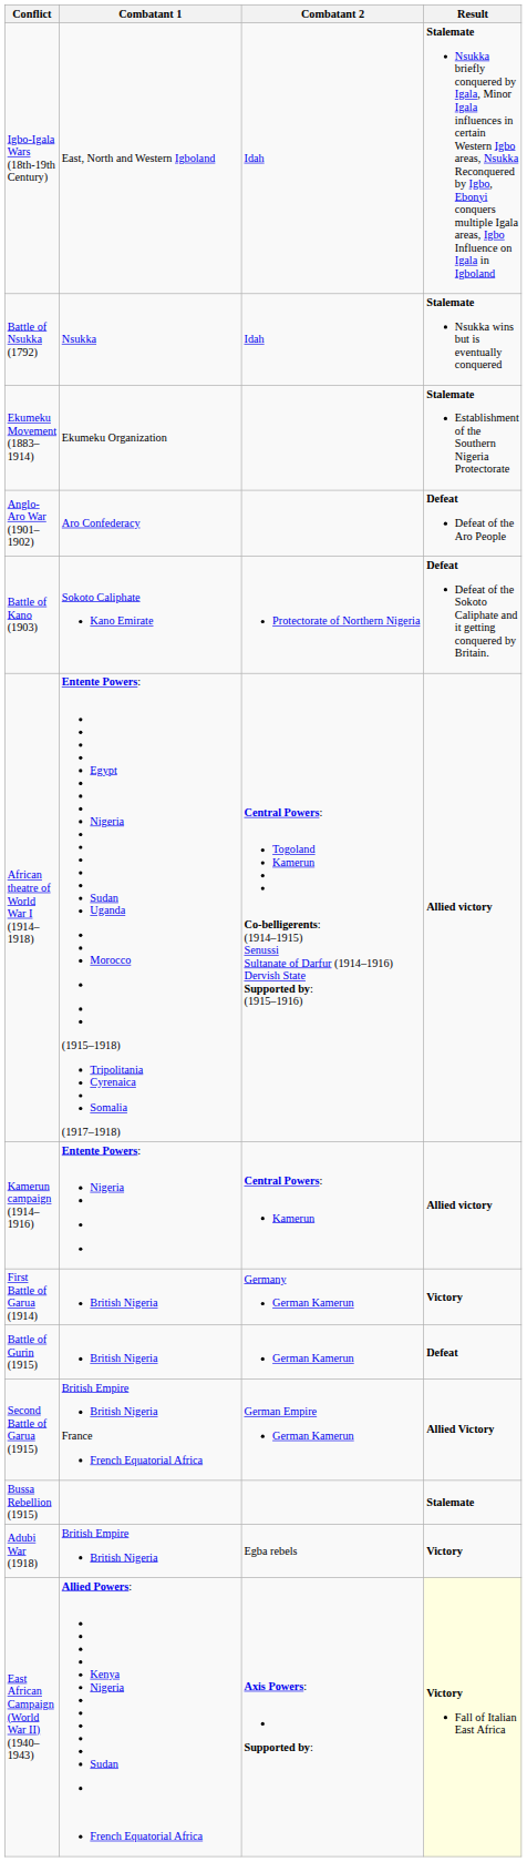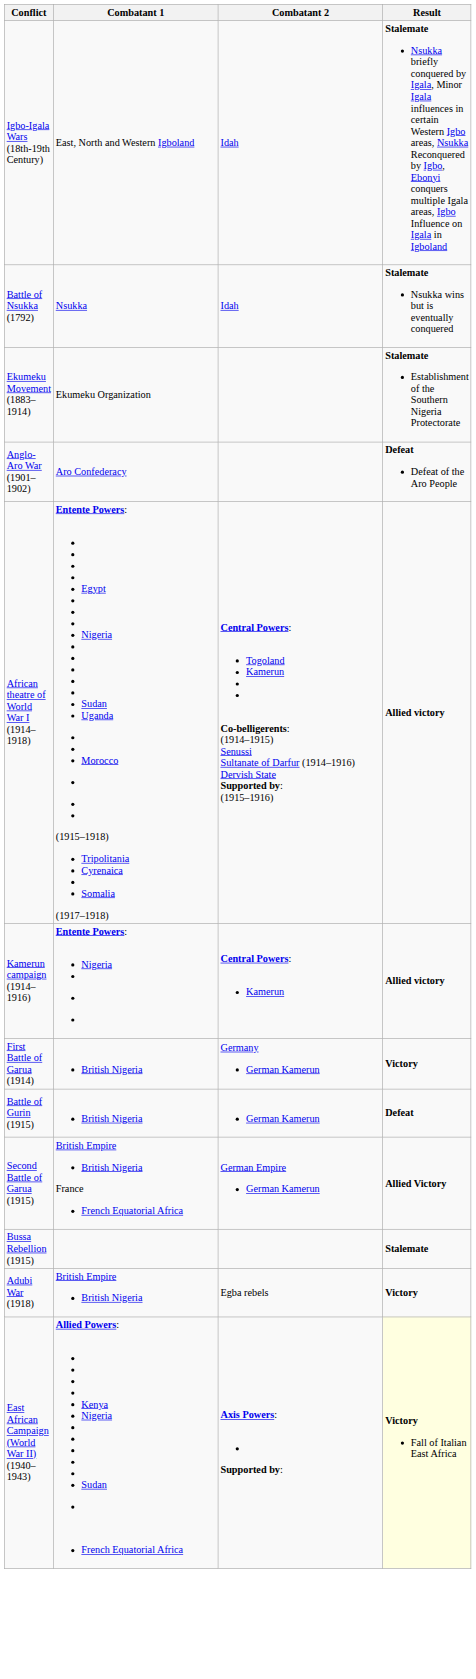 <table class="wikitable sortable" style="text-align:left">
 <tr>
 <th width="50px"><strong>Conflict</strong></th>
 <th width="250px"><strong>Combatant 1</strong></th>
 <th width="250px"><strong>Combatant 2</strong></th>
 <th width="75px"><strong>Result</strong></th>
 </tr>
 <tr>
 <td><a href='#'>Igbo-Igala Wars</a><br>(18th-19th Century)</td>
 <td>East, North and Western <a href='#'>Igboland</a></td>
 <td><a href='#'>Idah</a></td>
 <td><strong>Stalemate</strong><br><ul><li><a href='#'>Nsukka</a> briefly conquered by <a href='#'>Igala</a>, Minor <a href='#'>Igala</a> influences in certain Western <a href='#'>Igbo</a> areas, <a href='#'>Nsukka</a> Reconquered by <a href='#'>Igbo</a>, <a href='#'>Ebonyi</a> conquers multiple Igala areas, <a href='#'>Igbo</a> Influence on <a href='#'>Igala</a> in <a href='#'>Igboland</a></li></ul></td>
 </tr>
 <tr>
 <td><a href='#'>Battle of Nsukka</a><br>(1792)</td>
 <td><a href='#'>Nsukka</a></td>
 <td><a href='#'>Idah</a></td>
 <td><strong>Stalemate</strong><br><ul><li>Nsukka wins but is eventually conquered</li></ul></td>
 </tr>
 <tr>
 <td><a href='#'>Ekumeku Movement</a><br>(1883–1914)</td>
 <td>Ekumeku Organization</td>
 <td></td>
 <td><strong>Stalemate</strong><br><ul><li>Establishment of the Southern Nigeria Protectorate</li></ul></td>
 </tr>
 <tr>
 <td><a href='#'>Anglo-Aro War</a><br>(1901–1902)</td>
 <td> <a href='#'>Aro Confederacy</a></td>
 <td></td>
 <td><strong>Defeat</strong><br><ul><li>Defeat of the Aro People</li></ul></td>
-</tr>
-<tr>
-<td><a href='#'>Battle of Kano</a><br>(1903)</td>
-<td> <a href='#'>Sokoto Caliphate</a><br><ul><li> <a href='#'>Kano Emirate</a></li></ul></td>
-<td><br><ul><li> <a href='#'>Protectorate of Northern Nigeria</a></li></ul></td>
-<td><strong>Defeat</strong><br><ul><li>Defeat of the Sokoto Caliphate and it getting conquered by Britain.</li></ul></td>
 </tr>
 <tr>
 <td><a href='#'>African theatre of World War I</a><br>(1914–1918)</td>
 <td><strong><a href='#'>Entente Powers</a></strong>:<br><br><ul><li></li><li></li><li></li><li></li><li> <a href='#'>Egypt</a></li><li></li><li></li><li></li><li> <a href='#'>Nigeria</a></li><li></li><li></li><li></li><li></li><li></li><li> <a href='#'>Sudan</a></li><li> <a href='#'>Uganda</a></li></ul><ul><li></li><li></li><li> <a href='#'>Morocco</a></li></ul><ul><li></li></ul><ul><li></li><li></li></ul> (1915–1918)<ul><li> <a href='#'>Tripolitania</a></li><li> <a href='#'>Cyrenaica</a></li><li></li><li> <a href='#'>Somalia</a></li></ul> (1917–1918)</td>
 <td><strong><a href='#'>Central Powers</a></strong>:<br><br><ul><li> <a href='#'>Togoland</a></li><li> <a href='#'>Kamerun</a></li><li></li><li></li></ul><br> <strong>Co-belligerents</strong>:<br>  (1914–1915)<br>  <a href='#'>Senussi</a><br>  <a href='#'>Sultanate of Darfur</a> (1914–1916)<br>  <a href='#'>Dervish State</a><br> <strong>Supported by</strong>:<br>  (1915–1916)</td>
 <td><strong>Allied victory</strong></td>
 </tr>
 <tr>
 <td><a href='#'>Kamerun campaign</a><br>(1914–1916)</td>
 <td><strong><a href='#'>Entente Powers</a></strong>:<br><br><ul><li> <a href='#'>Nigeria</a></li><li></li></ul><ul><li></li></ul><ul><li></li></ul></td>
 <td><strong><a href='#'>Central Powers</a></strong>:<br><br><ul><li> <a href='#'>Kamerun</a></li></ul></td>
 <td><strong>Allied victory</strong></td>
 </tr>
 <tr>
 <td><a href='#'>First Battle of Garua</a><br>(1914)</td>
 <td><br><ul><li> <a href='#'>British Nigeria</a></li></ul></td>
 <td> <a href='#'>Germany</a><br><ul><li> <a href='#'>German Kamerun</a></li></ul></td>
 <td><strong>Victory</strong></td>
 </tr>
 <tr>
 <td><a href='#'>Battle of Gurin</a><br>(1915)</td>
 <td><br><ul><li> <a href='#'>British Nigeria</a></li></ul></td>
 <td><br><ul><li> <a href='#'>German Kamerun</a></li></ul></td>
 <td><strong>Defeat</strong></td>
 </tr>
 <tr>
 <td><a href='#'>Second Battle of Garua</a><br>(1915)</td>
 <td> <a href='#'>British Empire</a><br><ul><li> <a href='#'>British Nigeria</a></li></ul> France<ul><li> <a href='#'>French Equatorial Africa</a></li></ul></td>
 <td> <a href='#'>German Empire</a><br><ul><li> <a href='#'>German Kamerun</a></li></ul></td>
 <td><strong>Allied Victory</strong></td>
 </tr>
 <tr>
 <td><a href='#'>Bussa Rebellion</a><br>(1915)</td>
 <td></td>
 <td></td>
 <td><strong>Stalemate</strong></td>
 </tr>
 <tr>
 <td><a href='#'>Adubi War</a><br>(1918)</td>
 <td> <a href='#'>British Empire</a><br><ul><li> <a href='#'>British Nigeria</a></li></ul></td>
 <td>Egba rebels</td>
 <td><strong>Victory</strong></td>
 </tr>
 <tr>
 <td><a href='#'>East African Campaign (World War II)</a><br>(1940–1943)</td>
 <td><strong><a href='#'>Allied Powers</a></strong>:<br><br><ul><li></li><li></li><li></li><li></li><li> <a href='#'>Kenya</a></li><li> <a href='#'>Nigeria</a></li><li></li><li></li><li></li><li></li><li></li><li> <a href='#'>Sudan</a></li></ul><ul><li></li></ul><br> <ul><li> <a href='#'>French Equatorial Africa</a></li></ul></td>
 <td><strong><a href='#'>Axis Powers</a></strong>:<br><br><ul><li></li></ul><strong>Supported by</strong>:<br> </td>
 <td style="background: lightyellow;"><strong>Victory</strong><br><ul><li>Fall of Italian East Africa</li></ul></td>
 </tr>
 </table>
